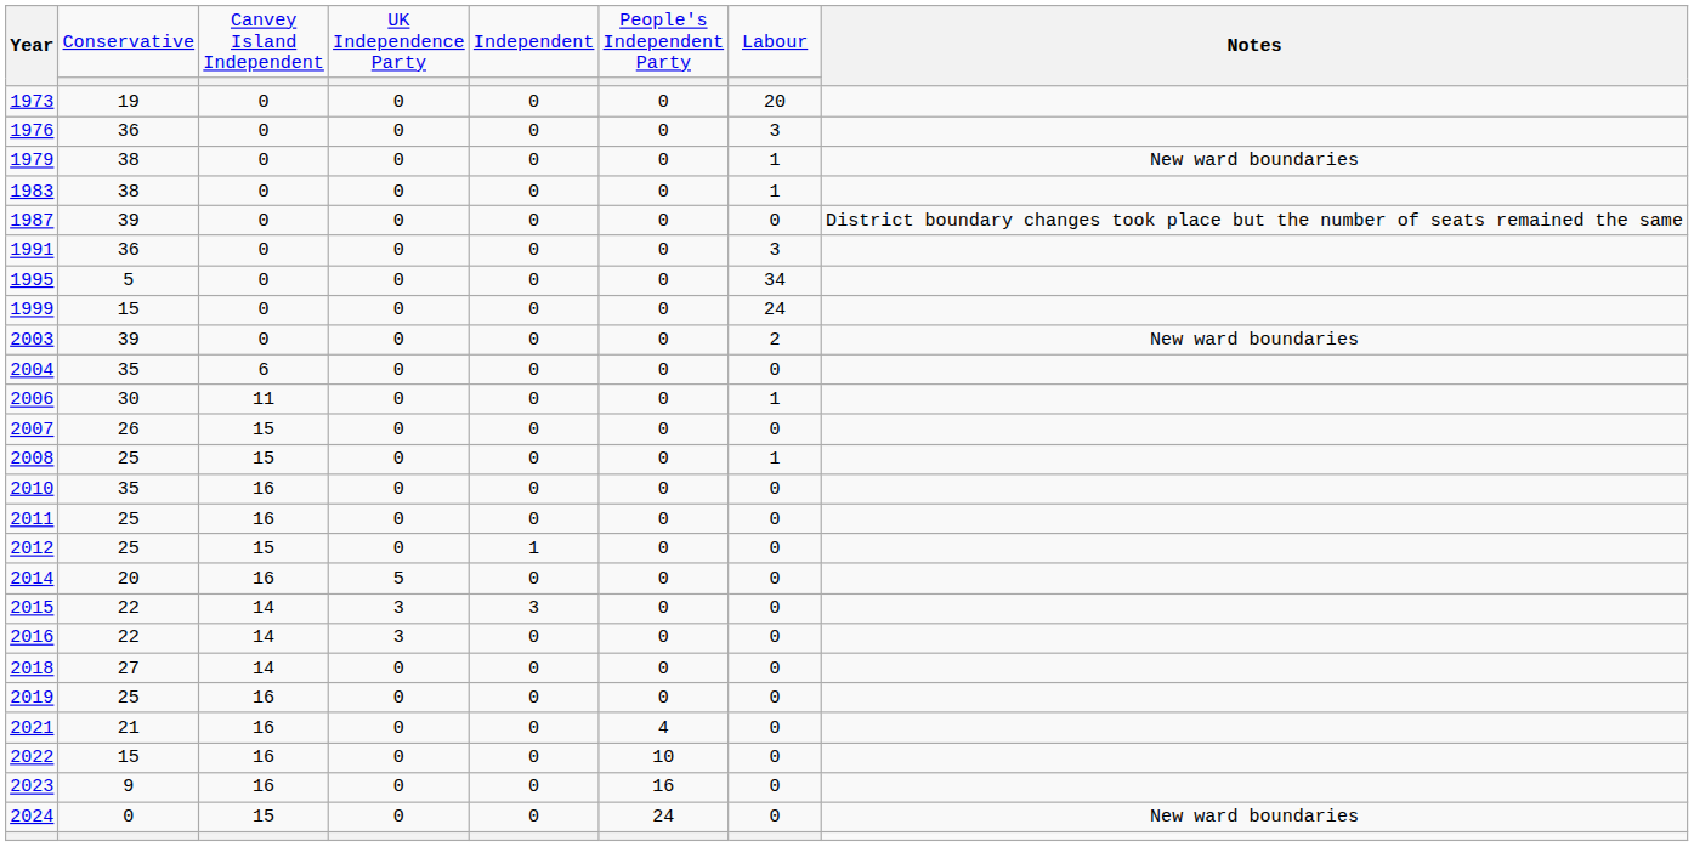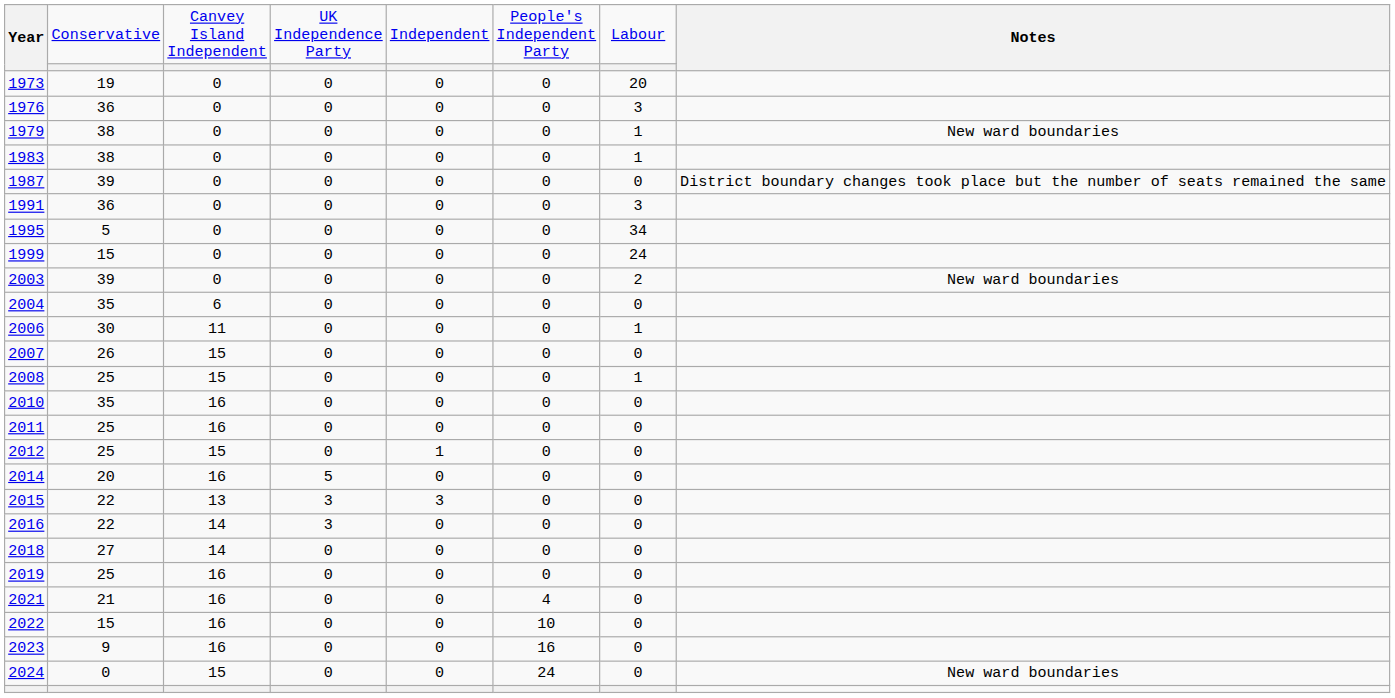 <table class=wikitable style=text-align:center>
 <tr>
 <th rowspan=2>Year</th>
 <td width="60"><a href='#'>Conservative</a></td>
 <td width="60"><a href='#'>Canvey Island Independent</a></td>
 <td width="60"><a href='#'>UK Independence Party</a></td>
 <td width="60"><a href='#'>Independent</a></td>
 <td width="60"><a href='#'>People's Independent Party</a></td>
 <td width="60"><a href='#'>Labour</a></td>
 <th rowspan="2">Notes</th>
 </tr>
 <tr>
 <th style="background-color: "></th>
 <th style="background-color: "></th>
 <th style="background-color: "></th>
 <th style="background-color: "></th>
 <th style="background-color: "></th>
 <th style="background-color: "></th>
 </tr>
 <tr>
 <td><a href='#'>1973</a></td>
 <td>19</td>
 <td>0</td>
 <td>0</td>
 <td>0</td>
 <td>0</td>
 <td>20</td>
 <td></td>
 </tr>
 <tr>
 <td><a href='#'>1976</a></td>
 <td>36</td>
 <td>0</td>
 <td>0</td>
 <td>0</td>
 <td>0</td>
 <td>3</td>
 <td></td>
 </tr>
 <tr>
 <td><a href='#'>1979</a></td>
 <td>38</td>
 <td>0</td>
 <td>0</td>
 <td>0</td>
 <td>0</td>
 <td>1</td>
 <td>New ward boundaries</td>
 </tr>
 <tr>
 <td><a href='#'>1983</a></td>
 <td>38</td>
 <td>0</td>
 <td>0</td>
 <td>0</td>
 <td>0</td>
 <td>1</td>
 <td></td>
 </tr>
 <tr>
 <td><a href='#'>1987</a></td>
 <td>39</td>
 <td>0</td>
 <td>0</td>
 <td>0</td>
 <td>0</td>
 <td>0</td>
 <td>District boundary changes took place but the number of seats remained the same</td>
 </tr>
 <tr>
 <td><a href='#'>1991</a></td>
 <td>36</td>
 <td>0</td>
 <td>0</td>
 <td>0</td>
 <td>0</td>
 <td>3</td>
 <td></td>
 </tr>
 <tr>
 <td><a href='#'>1995</a></td>
 <td>5</td>
 <td>0</td>
 <td>0</td>
 <td>0</td>
 <td>0</td>
 <td>34</td>
 <td></td>
 </tr>
 <tr>
 <td><a href='#'>1999</a></td>
 <td>15</td>
 <td>0</td>
 <td>0</td>
 <td>0</td>
 <td>0</td>
 <td>24</td>
 <td></td>
 </tr>
 <tr>
 <td><a href='#'>2003</a></td>
 <td>39</td>
 <td>0</td>
 <td>0</td>
 <td>0</td>
 <td>0</td>
 <td>2</td>
 <td>New ward boundaries</td>
 </tr>
 <tr>
 <td><a href='#'>2004</a></td>
 <td>35</td>
 <td>6</td>
 <td>0</td>
 <td>0</td>
 <td>0</td>
 <td>0</td>
 <td></td>
 </tr>
 <tr>
 <td><a href='#'>2006</a></td>
 <td>30</td>
 <td>11</td>
 <td>0</td>
 <td>0</td>
 <td>0</td>
 <td>1</td>
 <td></td>
 </tr>
 <tr>
 <td><a href='#'>2007</a></td>
 <td>26</td>
 <td>15</td>
 <td>0</td>
 <td>0</td>
 <td>0</td>
 <td>0</td>
 <td></td>
 </tr>
 <tr>
 <td><a href='#'>2008</a></td>
 <td>25</td>
 <td>15</td>
 <td>0</td>
 <td>0</td>
 <td>0</td>
 <td>1</td>
 <td></td>
 </tr>
 <tr>
 <td><a href='#'>2010</a></td>
 <td>35</td>
 <td>16</td>
 <td>0</td>
 <td>0</td>
 <td>0</td>
 <td>0</td>
 <td></td>
 </tr>
 <tr>
 <td><a href='#'>2011</a></td>
 <td>25</td>
 <td>16</td>
 <td>0</td>
 <td>0</td>
 <td>0</td>
 <td>0</td>
 <td></td>
 </tr>
 <tr>
 <td><a href='#'>2012</a></td>
 <td>25</td>
 <td>15</td>
 <td>0</td>
 <td>1</td>
 <td>0</td>
 <td>0</td>
 <td></td>
 </tr>
 <tr>
 <td><a href='#'>2014</a></td>
 <td>20</td>
 <td>16</td>
 <td>5</td>
 <td>0</td>
 <td>0</td>
 <td>0</td>
 <td></td>
 </tr>
 <tr>
 <td><a href='#'>2015</a></td>
 <td>22</td>
-<td>14</td>
+<td>13</td>
 <td>3</td>
 <td>3</td>
 <td>0</td>
 <td>0</td>
 <td></td>
 </tr>
 <tr>
 <td><a href='#'>2016</a></td>
 <td>22</td>
 <td>14</td>
 <td>3</td>
 <td>0</td>
 <td>0</td>
 <td>0</td>
 <td></td>
 </tr>
 <tr>
 <td><a href='#'>2018</a></td>
 <td>27</td>
 <td>14</td>
 <td>0</td>
 <td>0</td>
 <td>0</td>
 <td>0</td>
 <td></td>
 </tr>
 <tr>
 <td><a href='#'>2019</a></td>
 <td>25</td>
 <td>16</td>
 <td>0</td>
 <td>0</td>
 <td>0</td>
 <td>0</td>
 <td></td>
 </tr>
 <tr>
 <td><a href='#'>2021</a></td>
 <td>21</td>
 <td>16</td>
 <td>0</td>
 <td>0</td>
 <td>4</td>
 <td>0</td>
 <td></td>
 </tr>
 <tr>
 <td><a href='#'>2022</a></td>
 <td>15</td>
 <td>16</td>
 <td>0</td>
 <td>0</td>
 <td>10</td>
 <td>0</td>
 <td></td>
 </tr>
 <tr>
 <td><a href='#'>2023</a></td>
 <td>9</td>
 <td>16</td>
 <td>0</td>
 <td>0</td>
 <td>16</td>
 <td>0</td>
 <td></td>
 </tr>
 <tr>
 <td><a href='#'>2024</a></td>
 <td>0</td>
 <td>15</td>
 <td>0</td>
 <td>0</td>
 <td>24</td>
 <td>0</td>
 <td>New ward boundaries</td>
 </tr>
 <tr>
 <th></th>
 <th style="background-color: "></th>
 <th style="background-color: "></th>
 <th style="background-color: "></th>
 <th style="background-color: "></th>
 <th style="background-color: "></th>
 <th style="background-color: "></th>
 <td></td>
 </tr>
 </table>
